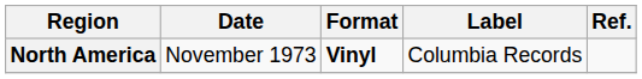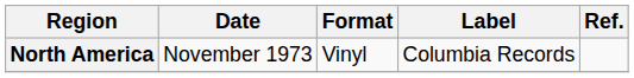 <table class="wikitable plainrowheaders">
 <tr>
 <th scope="col">Region</th>
 <th scope="col">Date</th>
 <th scope="col">Format</th>
 <th scope="col">Label</th>
 <th scope="col">Ref.</th>
 </tr>
 <tr>
 <th scope="row">North America</th>
 <td>November 1973</td>
-<td><strong>Vinyl</strong></td>
+<td>Vinyl</td>
 <td>Columbia Records</td>
 <td></td>
 </tr>
 <tr>
 </tr>
 </table>
